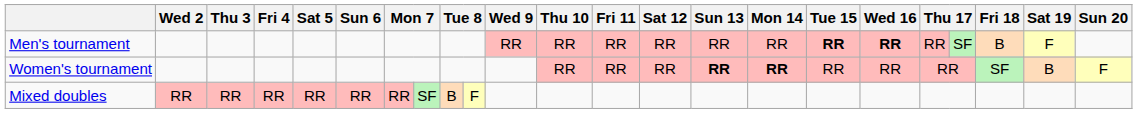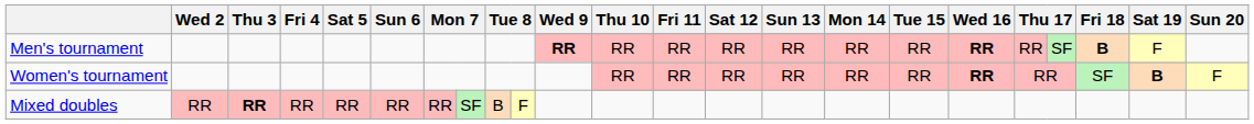 <table class="wikitable" style="margin:0.5em auto; font-size:90%; line-height:1.25em;text-align:center">
 <tr>
 <th></th>
 <th>Wed 2</th>
 <th>Thu 3</th>
 <th>Fri 4</th>
 <th>Sat 5</th>
 <th>Sun 6</th>
 <th colspan="2">Mon 7</th>
 <th colspan="2">Tue 8</th>
 <th>Wed 9</th>
 <th>Thu 10</th>
 <th>Fri 11</th>
 <th>Sat 12</th>
 <th>Sun 13</th>
 <th>Mon 14</th>
 <th>Tue 15</th>
 <th>Wed 16</th>
 <th colspan="2">Thu 17</th>
 <th>Fri 18</th>
 <th>Sat 19</th>
 <th>Sun 20</th>
 </tr>
 <tr>
 <td align="left"><a href='#'>Men's tournament</a></td>
 <td></td>
 <td></td>
 <td></td>
 <td></td>
 <td></td>
 <td colspan="2"></td>
 <td colspan="2"></td>
+<td style="background-color:#FFBBBB"><strong>RR</strong></td>
 <td style="background-color:#FFBBBB">RR</td>
 <td style="background-color:#FFBBBB">RR</td>
 <td style="background-color:#FFBBBB">RR</td>
 <td style="background-color:#FFBBBB">RR</td>
 <td style="background-color:#FFBBBB">RR</td>
 <td style="background-color:#FFBBBB">RR</td>
 <td style="background-color:#FFBBBB"><strong>RR</strong></td>
-<td style="background-color:#FFBBBB"><strong>RR</strong></td>
 <td style="background-color:#FFBBBB">RR</td>
 <td style="background-color:#BBF3BB">SF</td>
-<td style="background-color:#FEDCBA">B</td>
+<td style="background-color:#FEDCBA"><strong>B</strong></td>
 <td style="background-color:#FFFFBB">F</td>
 <td></td>
 </tr>
 <tr>
 <td align="left"><a href='#'>Women's tournament</a></td>
 <td></td>
 <td></td>
 <td></td>
 <td></td>
 <td></td>
 <td colspan="2"></td>
 <td colspan="2"></td>
 <td></td>
 <td style="background-color:#FFBBBB">RR</td>
 <td style="background-color:#FFBBBB">RR</td>
 <td style="background-color:#FFBBBB">RR</td>
-<td style="background-color:#FFBBBB"><strong>RR</strong></td>
-<td style="background-color:#FFBBBB"><strong>RR</strong></td>
 <td style="background-color:#FFBBBB">RR</td>
 <td style="background-color:#FFBBBB">RR</td>
+<td style="background-color:#FFBBBB">RR</td>
+<td style="background-color:#FFBBBB"><strong>RR</strong></td>
 <td style="background-color:#FFBBBB" colspan="2">RR</td>
 <td style="background-color:#BBF3BB">SF</td>
-<td style="background-color:#FEDCBA">B</td>
+<td style="background-color:#FEDCBA"><strong>B</strong></td>
 <td style="background-color:#FFFFBB">F</td>
 </tr>
 <tr>
 <td align="left"><a href='#'>Mixed doubles</a></td>
 <td style="background-color:#FFBBBB">RR</td>
-<td style="background-color:#FFBBBB">RR</td>
+<td style="background-color:#FFBBBB"><strong>RR</strong></td>
 <td style="background-color:#FFBBBB">RR</td>
 <td style="background-color:#FFBBBB">RR</td>
 <td style="background-color:#FFBBBB">RR</td>
 <td style="background-color:#FFBBBB">RR</td>
 <td style="background-color:#BBF3BB">SF</td>
 <td style="background-color:#FEDCBA">B</td>
 <td style="background-color:#FFFFBB">F</td>
 <td></td>
 <td></td>
 <td></td>
 <td></td>
 <td></td>
 <td></td>
 <td></td>
 <td></td>
 <td colspan="2"></td>
 <td></td>
 <td></td>
 <td></td>
 </tr>
 </table>
